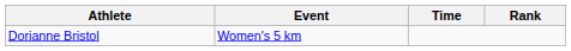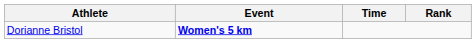 <table class="wikitable" style="text-align:center; font-size:90%; width:50%;">
 <tr>
 <th>Athlete</th>
 <th>Event</th>
 <th>Time</th>
 <th>Rank</th>
 </tr>
 <tr>
 <td align=left><a href='#'>Dorianne Bristol</a></td>
-<td align=left><a href='#'>Women's 5 km</a></td>
+<td align=left><strong><a href='#'>Women's 5 km</a></strong></td>
 <td colspan=2></td>
 </tr>
 </table>
